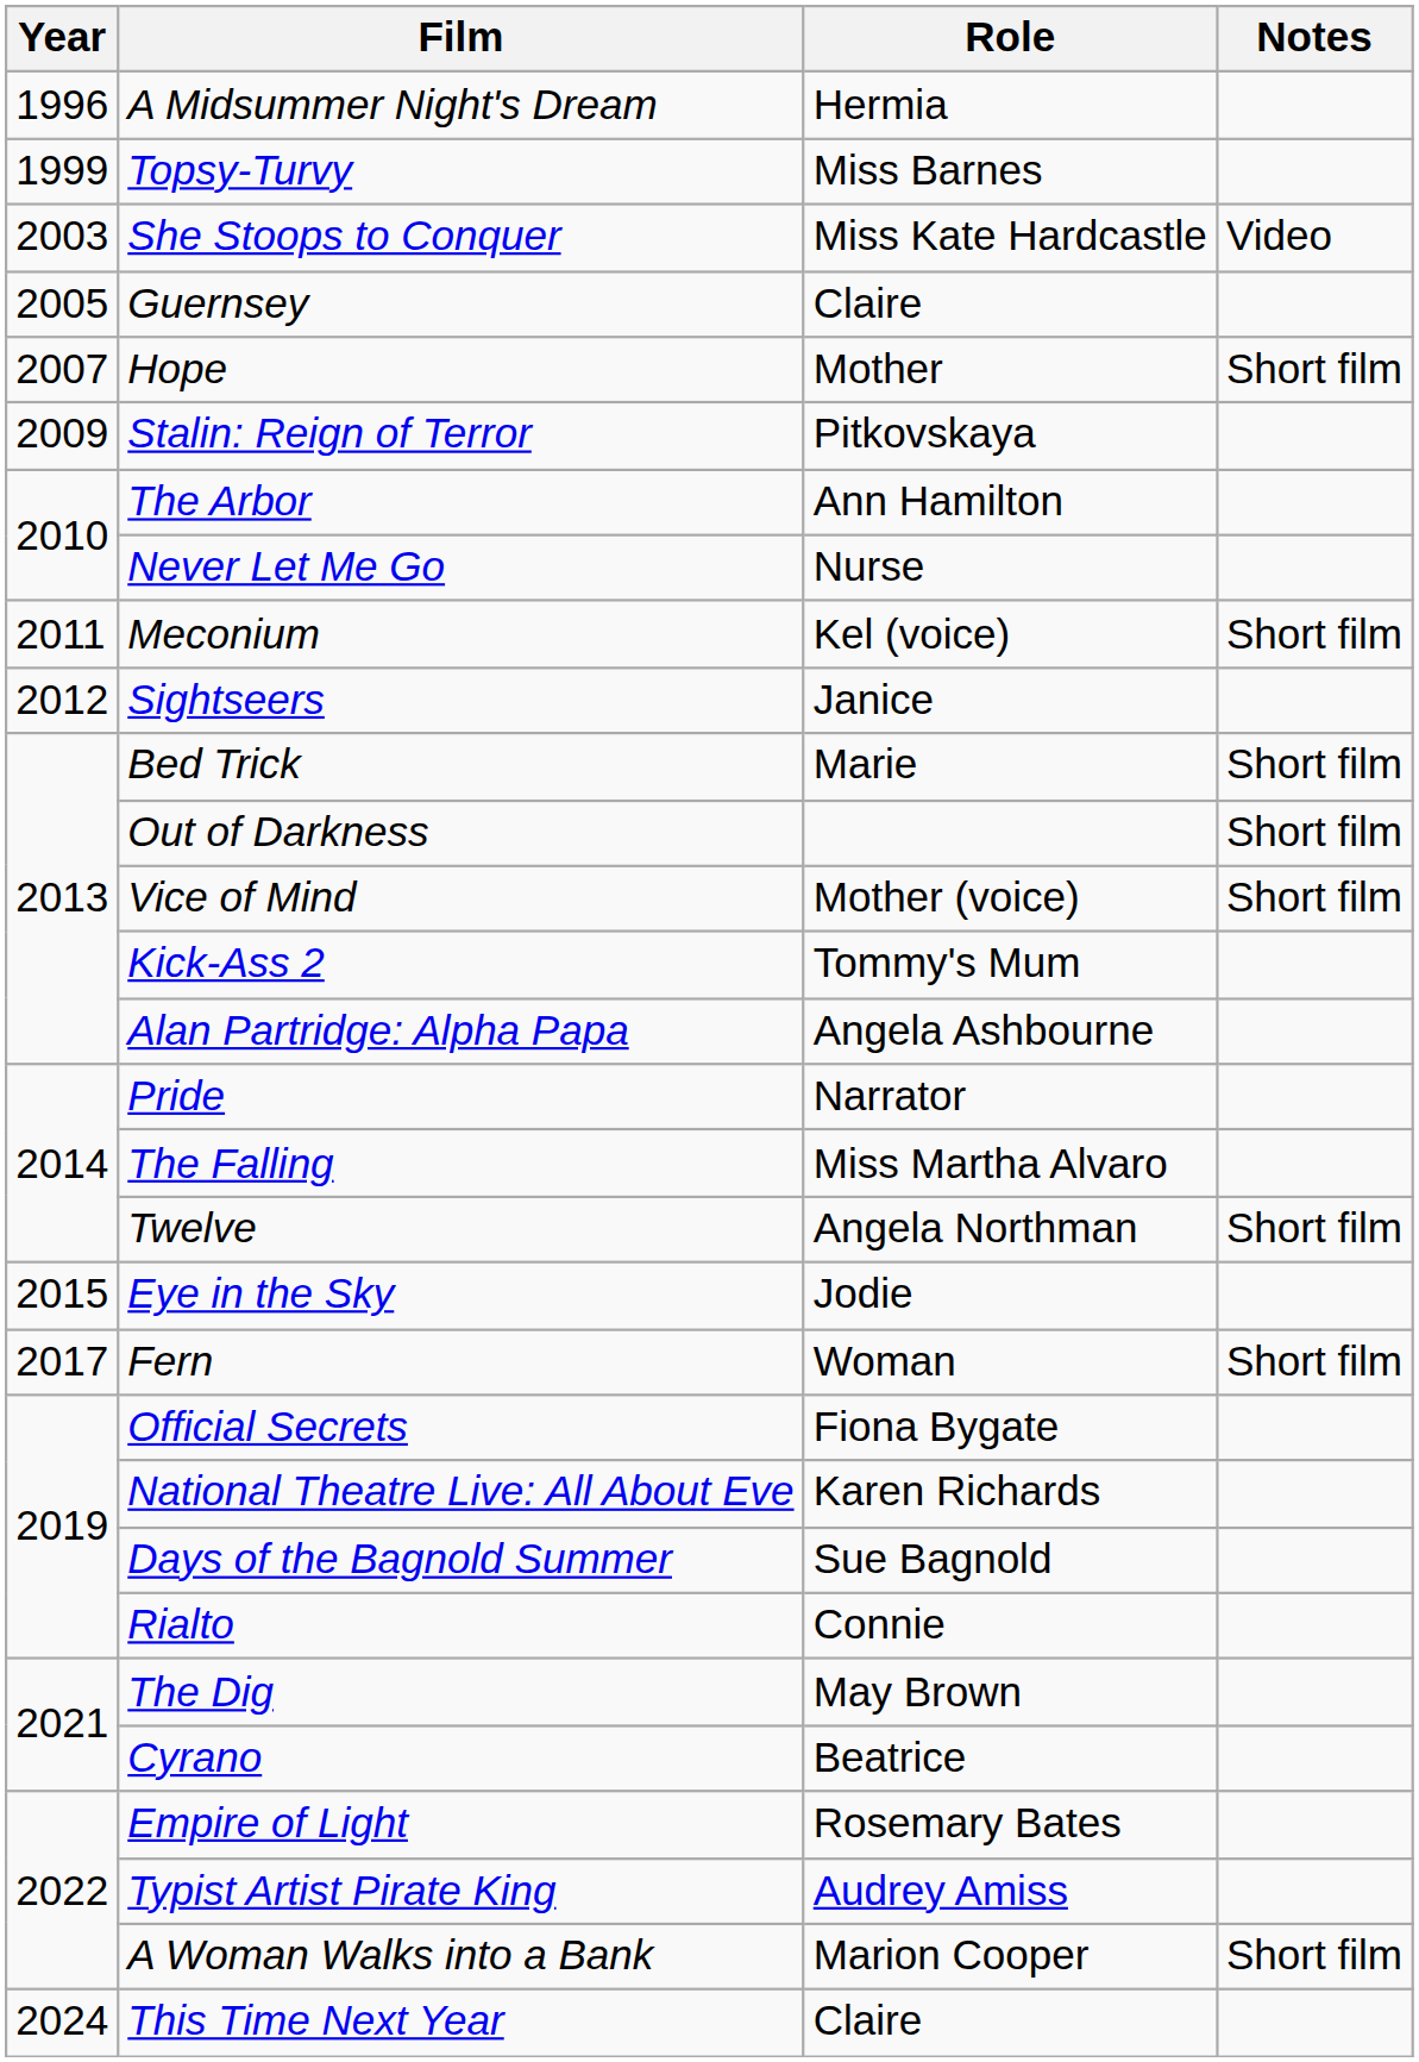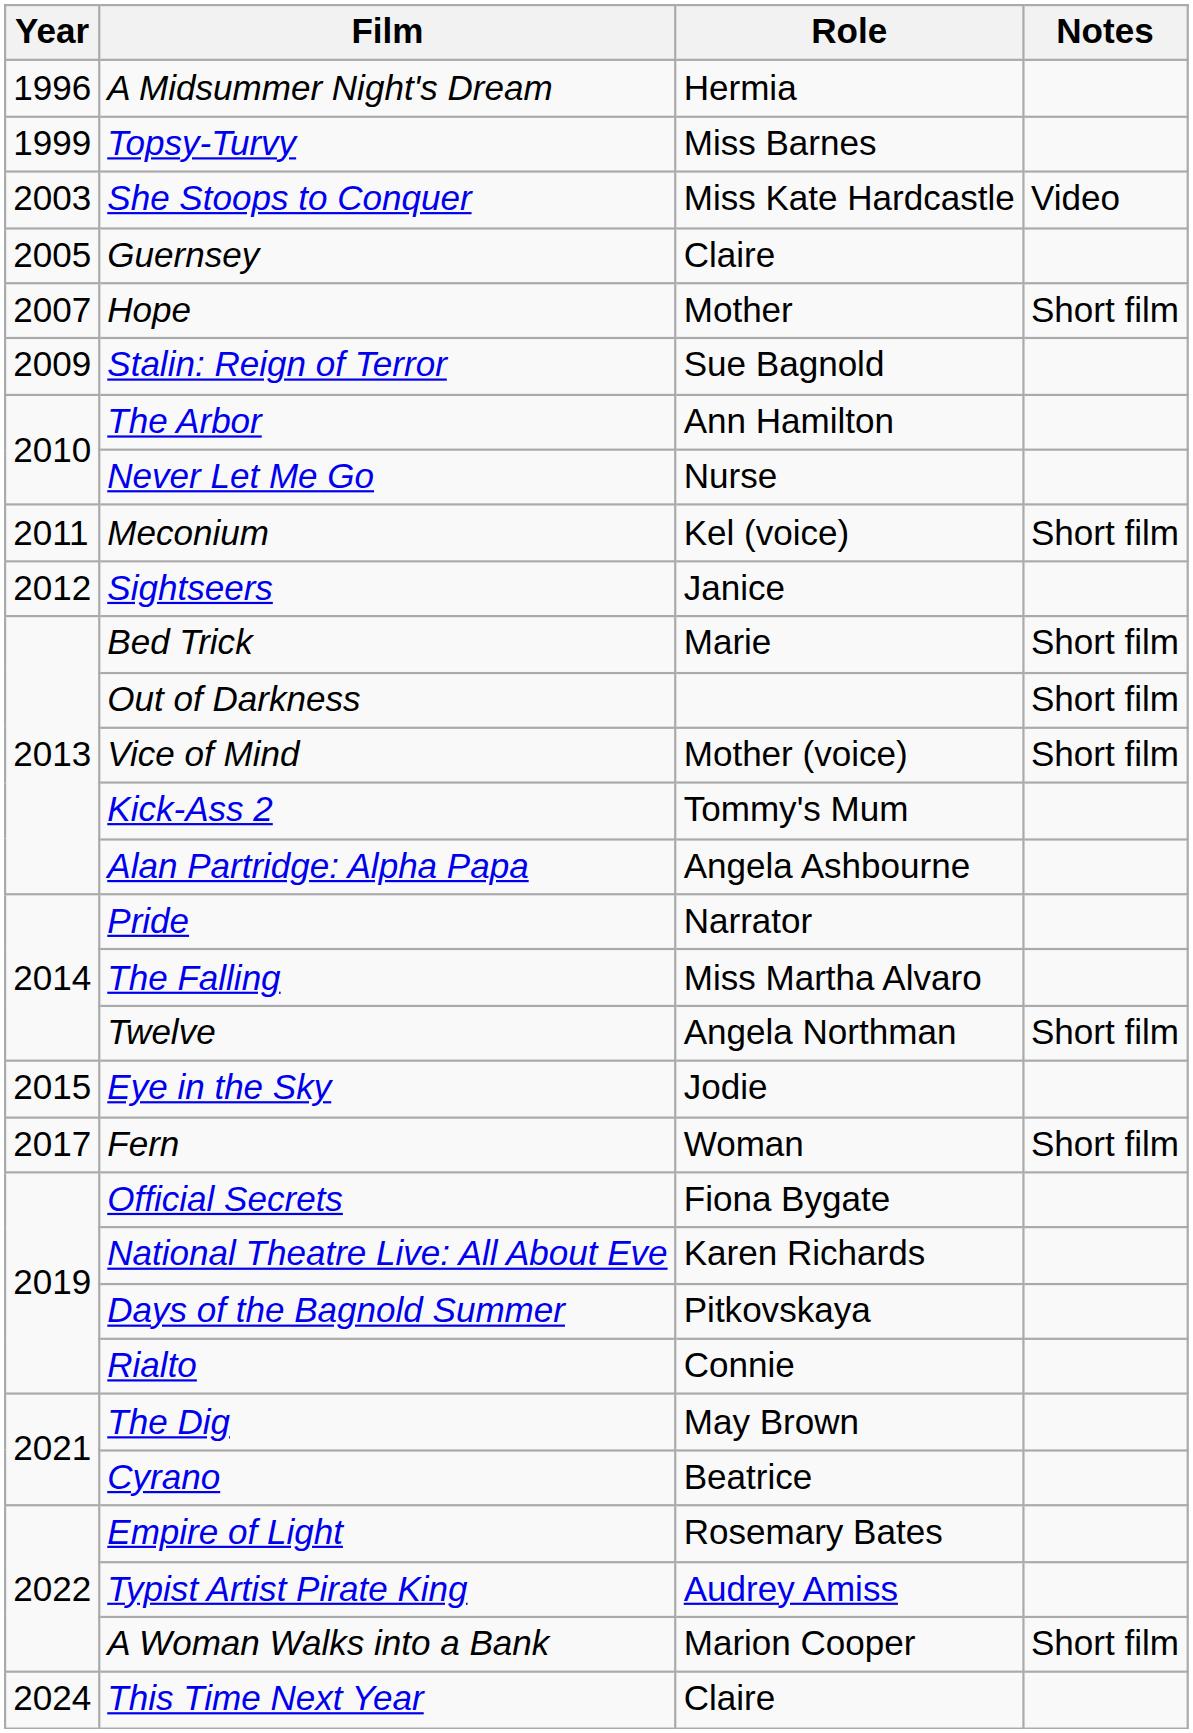 <table class="wikitable sortable">
 <tr>
 <th>Year</th>
 <th>Film</th>
 <th>Role</th>
 <th>Notes</th>
 </tr>
 <tr>
 <td>1996</td>
 <td><em>A Midsummer Night's Dream</em></td>
 <td>Hermia</td>
 <td></td>
 </tr>
 <tr>
 <td>1999</td>
 <td><em><a href='#'>Topsy-Turvy</a></em></td>
 <td>Miss Barnes</td>
 <td></td>
 </tr>
 <tr>
 <td>2003</td>
 <td><em><a href='#'>She Stoops to Conquer</a></em></td>
 <td>Miss Kate Hardcastle</td>
 <td>Video</td>
 </tr>
 <tr>
 <td>2005</td>
 <td><em>Guernsey</em></td>
 <td>Claire</td>
 <td></td>
 </tr>
 <tr>
 <td>2007</td>
 <td><em>Hope</em></td>
 <td>Mother</td>
 <td>Short film</td>
 </tr>
 <tr>
 <td>2009</td>
 <td><a href='#'><em>Stalin: Reign of Terror</em></a></td>
-<td>Pitkovskaya</td>
+<td>Sue Bagnold</td>
 <td></td>
 </tr>
 <tr>
 <td rowspan="2">2010</td>
 <td><a href='#'><em>The Arbor</em></a></td>
 <td>Ann Hamilton</td>
 <td></td>
 </tr>
 <tr>
 <td><a href='#'><em>Never Let Me Go</em></a></td>
 <td>Nurse</td>
 <td></td>
 </tr>
 <tr>
 <td>2011</td>
 <td><em>Meconium</em></td>
 <td>Kel (voice)</td>
 <td>Short film</td>
 </tr>
 <tr>
 <td>2012</td>
 <td><em><a href='#'>Sightseers</a></em></td>
 <td>Janice</td>
 <td></td>
 </tr>
 <tr>
 <td rowspan="5">2013</td>
 <td><em>Bed Trick</em></td>
 <td>Marie</td>
 <td>Short film</td>
 </tr>
 <tr>
 <td><em>Out of Darkness</em></td>
 <td></td>
 <td>Short film</td>
 </tr>
 <tr>
 <td><em>Vice of Mind</em></td>
 <td>Mother (voice)</td>
 <td>Short film</td>
 </tr>
 <tr>
 <td><a href='#'><em>Kick-Ass 2</em></a></td>
 <td>Tommy's Mum</td>
 <td></td>
 </tr>
 <tr>
 <td><em><a href='#'>Alan Partridge: Alpha Papa</a></em></td>
 <td>Angela Ashbourne</td>
 <td></td>
 </tr>
 <tr>
 <td rowspan="3">2014</td>
 <td><a href='#'><em>Pride</em></a></td>
 <td>Narrator</td>
 <td></td>
 </tr>
 <tr>
 <td><a href='#'><em>The Falling</em></a></td>
 <td>Miss Martha Alvaro</td>
 <td></td>
 </tr>
 <tr>
 <td><em>Twelve</em></td>
 <td>Angela Northman</td>
 <td>Short film</td>
 </tr>
 <tr>
 <td>2015</td>
 <td><a href='#'><em>Eye in the Sky</em></a></td>
 <td>Jodie</td>
 <td></td>
 </tr>
 <tr>
 <td>2017</td>
 <td><em>Fern</em></td>
 <td>Woman</td>
 <td>Short film</td>
 </tr>
 <tr>
 <td rowspan="4">2019</td>
 <td><a href='#'><em>Official Secrets</em></a></td>
 <td>Fiona Bygate</td>
 <td></td>
 </tr>
 <tr>
 <td><a href='#'><em>National Theatre Live: All About Eve</em></a></td>
 <td>Karen Richards</td>
 <td></td>
 </tr>
 <tr>
 <td><a href='#'><em>Days of the Bagnold Summer</em></a></td>
-<td>Sue Bagnold</td>
+<td>Pitkovskaya</td>
 <td></td>
 </tr>
 <tr>
 <td><a href='#'><em>Rialto</em></a></td>
 <td>Connie</td>
 <td></td>
 </tr>
 <tr>
 <td rowspan="2">2021</td>
 <td><a href='#'><em>The Dig</em></a></td>
 <td>May Brown</td>
 <td></td>
 </tr>
 <tr>
 <td><a href='#'><em>Cyrano</em></a></td>
 <td>Beatrice</td>
 <td></td>
 </tr>
 <tr>
 <td rowspan="3">2022</td>
 <td><em><a href='#'>Empire of Light</a></em></td>
 <td>Rosemary Bates</td>
 <td></td>
 </tr>
 <tr>
 <td><em><a href='#'>Typist Artist Pirate King</a></em></td>
 <td><a href='#'>Audrey Amiss</a></td>
 <td></td>
 </tr>
 <tr>
 <td><em>A Woman Walks into a Bank</em></td>
 <td>Marion Cooper</td>
 <td>Short film</td>
 </tr>
 <tr>
 <td>2024</td>
 <td><em><a href='#'>This Time Next Year</a></em></td>
 <td>Claire</td>
 <td></td>
 </tr>
 </table>
